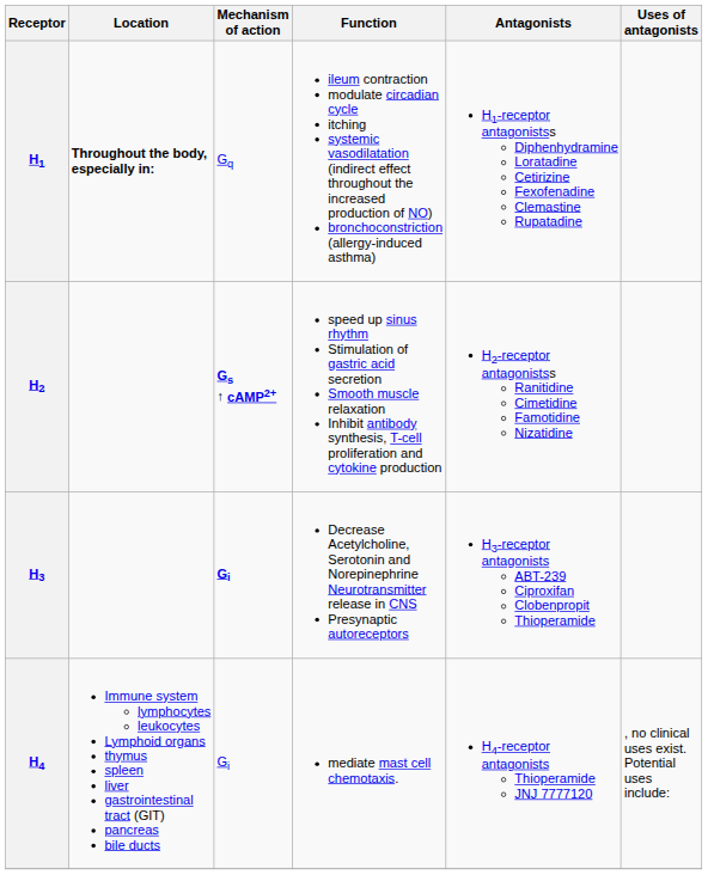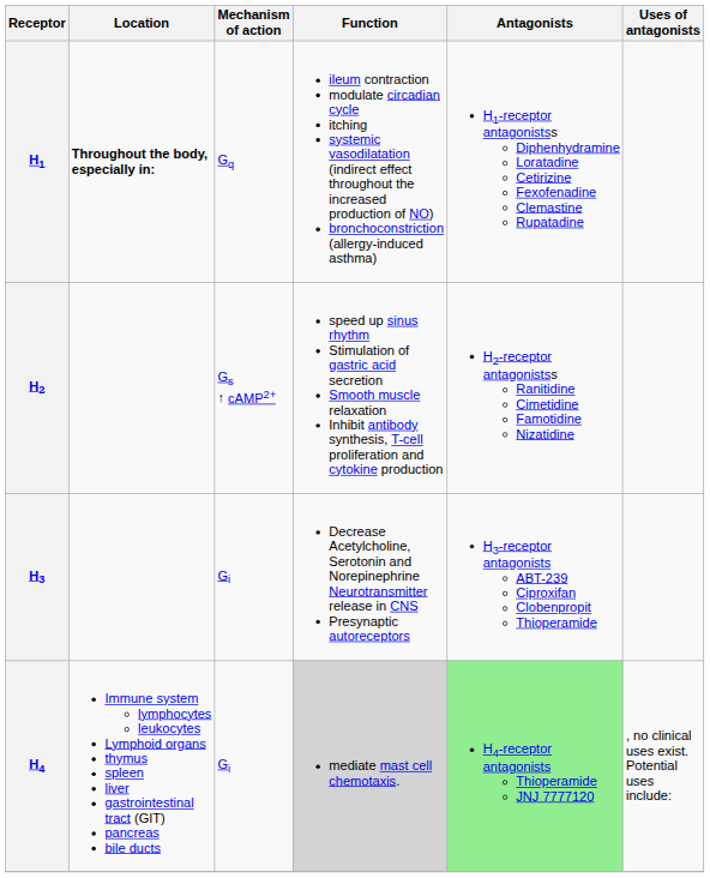 <table class="wikitable">
 <tr>
 <th>Receptor</th>
 <th>Location</th>
 <th>Mechanism of action</th>
 <th>Function</th>
 <th>Antagonists</th>
 <th>Uses of antagonists</th>
 </tr>
 <tr>
 <th><a href='#'>H<sub>1</sub></a></th>
 <td><strong>Throughout the body, especially in: </strong></td>
 <td><a href='#'>G<sub>q</sub></a></td>
 <td><br><ul><li><a href='#'>ileum</a> contraction</li><li>modulate <a href='#'>circadian cycle</a></li><li>itching</li><li><a href='#'>systemic</a> <a href='#'>vasodilatation</a> (indirect effect throughout the increased production of <a href='#'>NO</a>)</li><li><a href='#'>bronchoconstriction</a> (allergy-induced asthma)</li></ul></td>
 <td><br><ul><li><a href='#'>H<sub>1</sub>-receptor antagonists</a>s<ul><li><a href='#'>Diphenhydramine</a></li><li><a href='#'>Loratadine</a></li><li><a href='#'>Cetirizine</a></li><li><a href='#'>Fexofenadine</a></li><li><a href='#'>Clemastine</a></li><li><a href='#'>Rupatadine</a></li></ul></li></ul></td>
 <td></td>
 </tr>
 <tr>
 <th><a href='#'>H<sub>2</sub></a></th>
 <td></td>
-<td><strong><a href='#'>G<sub>s</sub></a> <br> ↑ <a href='#'>cAMP<sup>2+</sup></a></strong></td>
+<td><a href='#'>G<sub>s</sub></a> <br> ↑ <a href='#'>cAMP<sup>2+</sup></a></td>
 <td><br><ul><li>speed up <a href='#'>sinus rhythm</a></li><li>Stimulation of <a href='#'>gastric acid</a> secretion</li><li><a href='#'>Smooth muscle</a> relaxation</li><li>Inhibit <a href='#'>antibody</a> synthesis, <a href='#'>T-cell</a> proliferation and <a href='#'>cytokine</a> production</li></ul></td>
 <td><br><ul><li><a href='#'>H<sub>2</sub>-receptor antagonists</a>s<ul><li><a href='#'>Ranitidine</a></li><li><a href='#'>Cimetidine</a></li><li><a href='#'>Famotidine</a></li><li><a href='#'>Nizatidine</a></li></ul></li></ul></td>
 <td></td>
 </tr>
 <tr>
 <th><a href='#'>H<sub>3</sub></a></th>
 <td></td>
-<td><strong><a href='#'>G<sub>i</sub></a></strong></td>
+<td><a href='#'>G<sub>i</sub></a></td>
 <td><br><ul><li>Decrease Acetylcholine, Serotonin and Norepinephrine <a href='#'>Neurotransmitter</a> release in <a href='#'>CNS</a></li><li>Presynaptic <a href='#'>autoreceptors</a></li></ul></td>
 <td><br><ul><li><a href='#'>H<sub>3</sub>-receptor antagonists</a><ul><li><a href='#'>ABT-239</a></li><li><a href='#'>Ciproxifan</a></li><li><a href='#'>Clobenpropit</a></li><li><a href='#'>Thioperamide</a></li></ul></li></ul></td>
 <td></td>
 </tr>
 <tr>
 <th><a href='#'>H<sub>4</sub></a></th>
 <td><br><ul><li><a href='#'>Immune system</a><ul><li><a href='#'>lymphocytes</a></li><li><a href='#'>leukocytes</a></li></ul></li><li><a href='#'>Lymphoid organs</a></li><li><a href='#'>thymus</a></li><li><a href='#'>spleen</a></li><li><a href='#'>liver</a></li><li><a href='#'>gastrointestinal tract</a> (GIT)</li><li><a href='#'>pancreas</a></li><li><a href='#'>bile ducts</a></li></ul></td>
 <td><a href='#'>G<sub>i</sub></a></td>
-<td><br><ul><li>mediate <a href='#'>mast cell</a> <a href='#'>chemotaxis</a>.</li></ul></td>
-<td><br><ul><li><a href='#'>H<sub>4</sub>-receptor antagonists</a><ul><li><a href='#'>Thioperamide</a></li><li><a href='#'>JNJ 7777120</a></li></ul></li></ul></td>
+<td style="background: lightgrey;"><br><ul><li>mediate <a href='#'>mast cell</a> <a href='#'>chemotaxis</a>.</li></ul></td>
+<td style="background: lightgreen;"><br><ul><li><a href='#'>H<sub>4</sub>-receptor antagonists</a><ul><li><a href='#'>Thioperamide</a></li><li><a href='#'>JNJ 7777120</a></li></ul></li></ul></td>
 <td>, no clinical uses exist.<br>Potential uses include: </td>
 </tr>
 <tr>
 </tr>
 </table>
